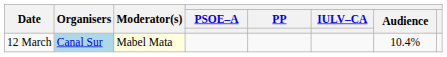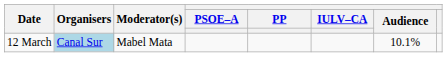 <table class="wikitable" style="text-align:center;">
 <tr>
 <th rowspan="3">Date</th>
 <th rowspan="3">Organisers</th>
 <th rowspan="3">Moderator(s)</th>
 <th colspan="5">    </th>
 </tr>
 <tr>
 <th scope="col" style="width:5em;"><a href='#'>PSOE–A</a></th>
 <th scope="col" style="width:5em;"><a href='#'>PP</a></th>
 <th scope="col" style="width:5em;"><a href='#'>IULV–CA</a></th>
 <th rowspan="2" scope="col" style="width:5em;">Audience</th>
 <th rowspan="2"></th>
 </tr>
 <tr>
 <th style="color:inherit;background:"></th>
 <th style="color:inherit;background:"></th>
 <th style="color:inherit;background:"></th>
 </tr>
 <tr>
 <td style="white-space:nowrap; text-align:left;">12 March</td>
 <td style="background: lightblue; white-space:nowrap; text-align:left;"><a href='#'>Canal Sur</a></td>
-<td style="background: lightyellow; white-space:nowrap; text-align:left;">Mabel Mata</td>
+<td style="white-space:nowrap; text-align:left;">Mabel Mata</td>
 <td></td>
 <td></td>
 <td></td>
-<td>10.4%<br></td>
+<td>10.1%<br></td>
 <td><br></td>
 </tr>
 </table>
